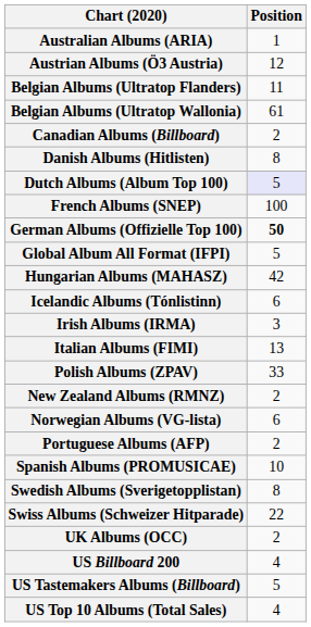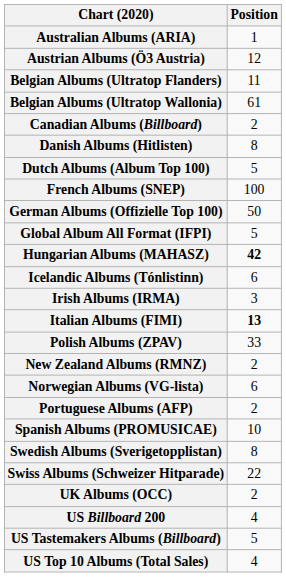 <table class="wikitable sortable plainrowheaders" style="text-align:center">
 <tr>
 <th scope="col">Chart (2020)</th>
 <th scope="col">Position</th>
 </tr>
 <tr>
 <th scope="row">Australian Albums (ARIA)</th>
 <td>1</td>
 </tr>
 <tr>
 <th scope="row">Austrian Albums (Ö3 Austria)</th>
 <td>12</td>
 </tr>
 <tr>
 <th scope="row">Belgian Albums (Ultratop Flanders)</th>
 <td>11</td>
 </tr>
 <tr>
 <th scope="row">Belgian Albums (Ultratop Wallonia)</th>
 <td>61</td>
 </tr>
 <tr>
 <th scope="row">Canadian Albums (<em>Billboard</em>)</th>
 <td>2</td>
 </tr>
 <tr>
 <th scope="row">Danish Albums (Hitlisten)</th>
 <td>8</td>
 </tr>
 <tr>
 <th scope="row">Dutch Albums (Album Top 100)</th>
-<td style="background: lavender;">5</td>
+<td>5</td>
 </tr>
 <tr>
 <th scope="row">French Albums (SNEP)</th>
 <td>100</td>
 </tr>
 <tr>
 <th scope="row">German Albums (Offizielle Top 100)</th>
-<td><strong>50</strong></td>
+<td>50</td>
 </tr>
 <tr>
 <th scope="row">Global Album All Format (IFPI)</th>
 <td>5</td>
 </tr>
 <tr>
 <th scope="row">Hungarian Albums (MAHASZ)</th>
-<td>42</td>
+<td><strong>42</strong></td>
 </tr>
 <tr>
 <th scope="row">Icelandic Albums (Tónlistinn)</th>
 <td>6</td>
 </tr>
 <tr>
 <th scope="row">Irish Albums (IRMA)</th>
 <td>3</td>
 </tr>
 <tr>
 <th scope="row">Italian Albums (FIMI)</th>
-<td>13</td>
+<td><strong>13</strong></td>
 </tr>
 <tr>
 <th scope="row">Polish Albums (ZPAV)</th>
 <td>33</td>
 </tr>
 <tr>
 <th scope="row">New Zealand Albums (RMNZ)</th>
 <td>2</td>
 </tr>
 <tr>
 <th scope="row">Norwegian Albums (VG-lista)</th>
 <td>6</td>
 </tr>
 <tr>
 <th scope="row">Portuguese Albums (AFP)</th>
 <td>2</td>
 </tr>
 <tr>
 <th scope="row">Spanish Albums (PROMUSICAE)</th>
 <td>10</td>
 </tr>
 <tr>
 <th scope="row">Swedish Albums (Sverigetopplistan)</th>
 <td>8</td>
 </tr>
 <tr>
 <th scope="row">Swiss Albums (Schweizer Hitparade)</th>
 <td>22</td>
 </tr>
 <tr>
 <th scope="row">UK Albums (OCC)</th>
 <td>2</td>
 </tr>
 <tr>
 <th scope="row">US <em>Billboard</em> 200</th>
 <td>4</td>
 </tr>
 <tr>
 <th scope="row">US Tastemakers Albums (<em>Billboard</em>)</th>
 <td>5</td>
 </tr>
 <tr>
 <th scope="row">US Top 10 Albums (Total Sales)</th>
 <td>4</td>
 </tr>
 </table>
